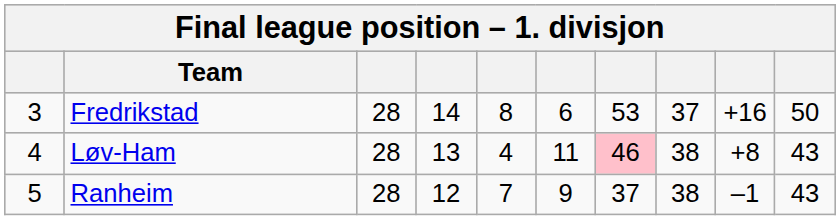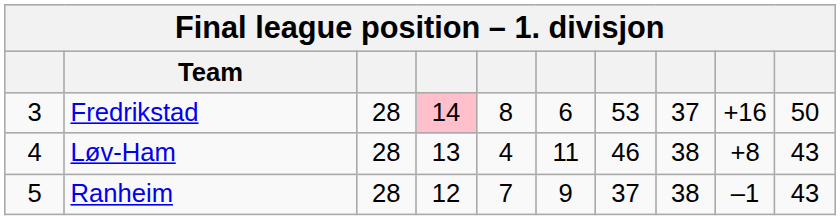 <table class="wikitable" style="text-align:center">
 <tr>
 <th colspan=10><big>Final league position – 1. divisjon</big></th>
 </tr>
 <tr>
 <th width="30"></th>
 <th width="175">Team</th>
 <th width="30"></th>
 <th width="30"></th>
 <th width="30"></th>
 <th width="30"></th>
 <th width="30"></th>
 <th width="30"></th>
 <th width="30"></th>
 <th width="30"></th>
 </tr>
 <tr>
 <td>3</td>
 <td align=left><a href='#'>Fredrikstad</a></td>
 <td>28</td>
-<td>14</td>
+<td style="background: pink;">14</td>
 <td>8</td>
 <td>6</td>
 <td>53</td>
 <td>37</td>
 <td>+16</td>
 <td>50</td>
 </tr>
 <tr>
 <td>4</td>
 <td align=left><a href='#'>Løv-Ham</a></td>
 <td>28</td>
 <td>13</td>
 <td>4</td>
 <td>11</td>
-<td style="background: pink;">46</td>
+<td>46</td>
 <td>38</td>
 <td>+8</td>
 <td>43</td>
 </tr>
 <tr>
 <td>5</td>
 <td align=left><a href='#'>Ranheim</a></td>
 <td>28</td>
 <td>12</td>
 <td>7</td>
 <td>9</td>
 <td>37</td>
 <td>38</td>
 <td>–1</td>
 <td>43</td>
 </tr>
 </table>
